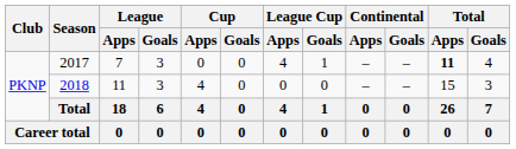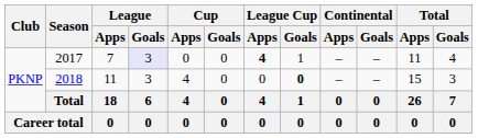 <table class="wikitable" style="text-align: center;">
 <tr>
 <th rowspan="2">Club</th>
 <th rowspan="2">Season</th>
 <th colspan="2">League</th>
 <th colspan="2">Cup</th>
 <th colspan="2">League Cup</th>
 <th colspan="2">Continental</th>
 <th colspan="2">Total</th>
 </tr>
 <tr>
 <th>Apps</th>
 <th>Goals</th>
 <th>Apps</th>
 <th>Goals</th>
 <th>Apps</th>
 <th>Goals</th>
 <th>Apps</th>
 <th>Goals</th>
 <th>Apps</th>
 <th>Goals</th>
 </tr>
 <tr>
 <td rowspan="3" valign="center"><a href='#'>PKNP</a></td>
 <td>2017</td>
 <td>7</td>
-<td>3</td>
+<td style="background: lavender;">3</td>
 <td>0</td>
 <td>0</td>
-<td>4</td>
+<td><strong>4</strong></td>
 <td>1</td>
 <td>–</td>
 <td>–</td>
-<td><strong>11</strong></td>
+<td>11</td>
 <td>4</td>
 </tr>
 <tr>
 <td><a href='#'>2018</a></td>
 <td>11</td>
 <td>3</td>
 <td>4</td>
 <td>0</td>
 <td>0</td>
-<td>0</td>
+<td><strong>0</strong></td>
 <td>–</td>
 <td>–</td>
 <td>15</td>
 <td>3</td>
 </tr>
 <tr>
 <th>Total</th>
 <th>18</th>
 <th>6</th>
 <th>4</th>
 <th>0</th>
 <th>4</th>
 <th>1</th>
 <th>0</th>
 <th>0</th>
 <th>26</th>
 <th>7</th>
 </tr>
 <tr>
 <th colspan=2>Career total</th>
 <th>0</th>
 <th>0</th>
 <th>0</th>
 <th>0</th>
 <th>0</th>
 <th>0</th>
 <th>0</th>
 <th>0</th>
 <th>0</th>
 <th>0</th>
 </tr>
 </table>
